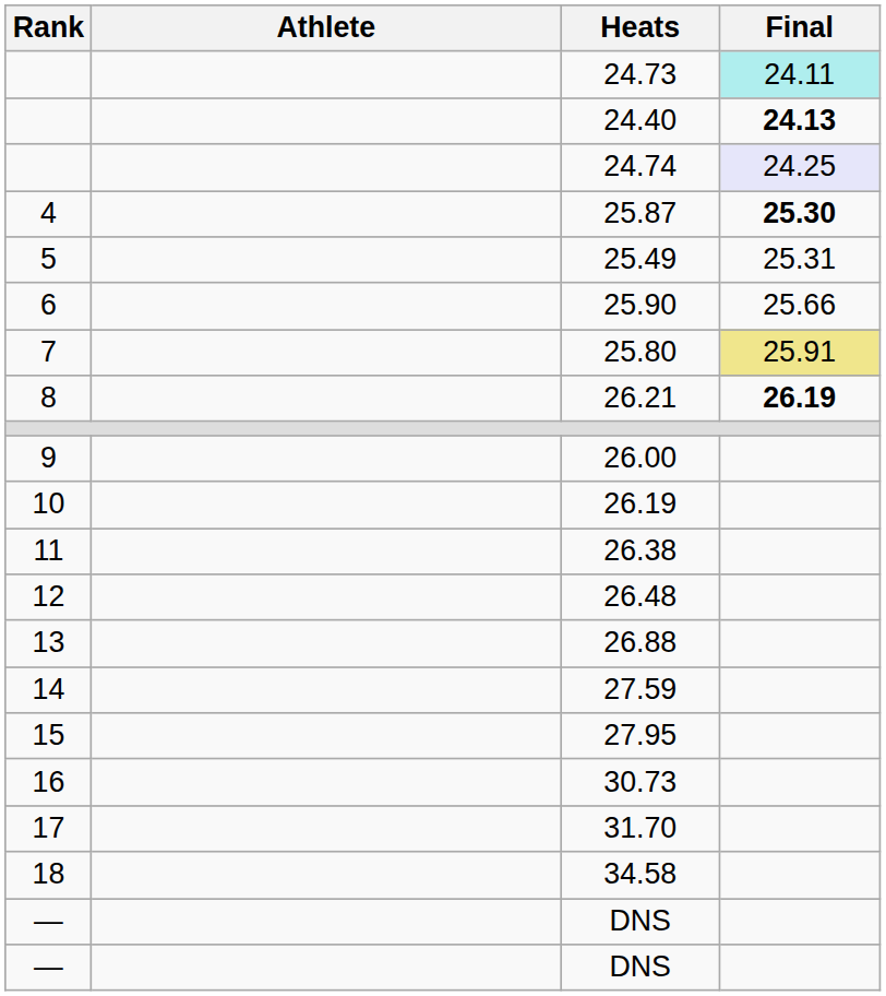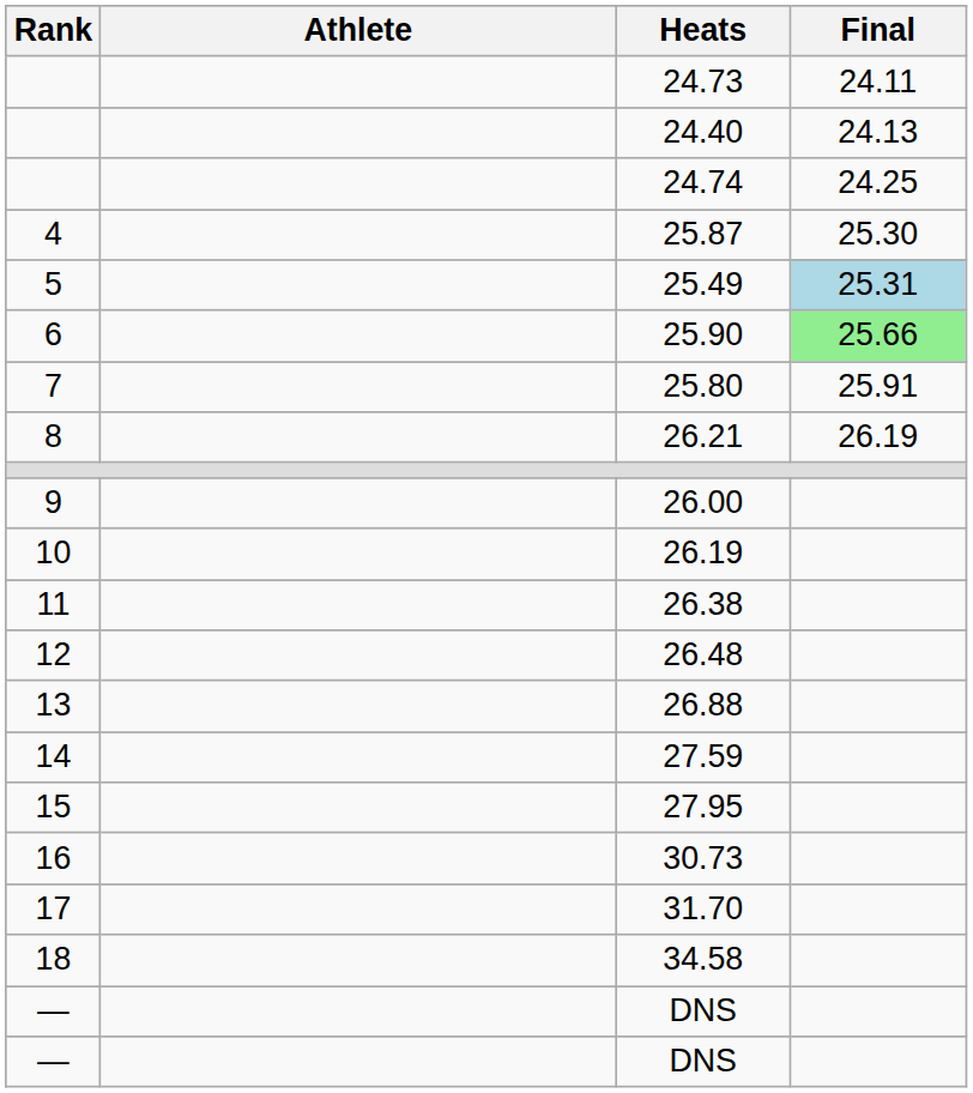 <table class=wikitable style="text-align:center">
 <tr>
 <th width=40>Rank</th>
 <th width=250>Athlete</th>
 <th width=80>Heats</th>
 <th width=80>Final</th>
 </tr>
 <tr>
 <td></td>
 <td align=left></td>
 <td>24.73</td>
-<td style="background: paleturquoise;">24.11</td>
+<td>24.11</td>
 </tr>
 <tr>
 <td></td>
 <td align=left></td>
 <td>24.40</td>
-<td><strong>24.13</strong></td>
+<td>24.13</td>
 </tr>
 <tr>
 <td></td>
 <td align=left></td>
 <td>24.74</td>
-<td style="background: lavender;">24.25</td>
+<td>24.25</td>
 </tr>
 <tr>
 <td>4</td>
 <td align=left></td>
 <td>25.87</td>
-<td><strong>25.30</strong></td>
+<td>25.30</td>
 </tr>
 <tr>
 <td>5</td>
 <td align=left></td>
 <td>25.49</td>
-<td>25.31</td>
+<td style="background: lightblue;">25.31</td>
 </tr>
 <tr>
 <td>6</td>
 <td align=left></td>
 <td>25.90</td>
-<td>25.66</td>
+<td style="background: lightgreen;">25.66</td>
 </tr>
 <tr>
 <td>7</td>
 <td align=left></td>
 <td>25.80</td>
-<td style="background: khaki;">25.91</td>
+<td>25.91</td>
 </tr>
 <tr>
 <td>8</td>
 <td align=left></td>
 <td>26.21 </td>
-<td><strong>26.19</strong></td>
+<td>26.19</td>
 </tr>
 <tr bgcolor=#DDDDDD>
 <td colspan=4></td>
 </tr>
 <tr>
 <td>9</td>
 <td align=left></td>
 <td>26.00 </td>
 <td></td>
 </tr>
 <tr>
 <td>10</td>
 <td align=left></td>
 <td>26.19</td>
 <td></td>
 </tr>
 <tr>
 <td>11</td>
 <td align=left></td>
 <td>26.38</td>
 <td></td>
 </tr>
 <tr>
 <td>12</td>
 <td align=left></td>
 <td>26.48</td>
 <td></td>
 </tr>
 <tr>
 <td>13</td>
 <td align=left></td>
 <td>26.88</td>
 <td></td>
 </tr>
 <tr>
 <td>14</td>
 <td align=left></td>
 <td>27.59</td>
 <td></td>
 </tr>
 <tr>
 <td>15</td>
 <td align=left></td>
 <td>27.95</td>
 <td></td>
 </tr>
 <tr>
 <td>16</td>
 <td align=left></td>
 <td>30.73</td>
 <td></td>
 </tr>
 <tr>
 <td>17</td>
 <td align=left></td>
 <td>31.70</td>
 <td></td>
 </tr>
 <tr>
 <td>18</td>
 <td align=left></td>
 <td>34.58</td>
 <td></td>
 </tr>
 <tr>
 <td>—</td>
 <td align=left></td>
 <td>DNS</td>
 <td></td>
 </tr>
 <tr>
 <td>—</td>
 <td align=left></td>
 <td>DNS</td>
 <td></td>
 </tr>
 </table>
